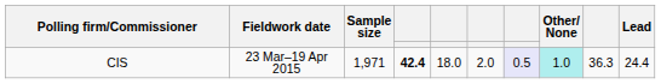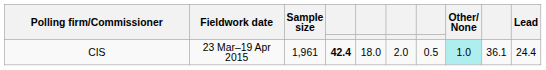 <table class="wikitable collapsible collapsed" style="text-align:center; font-size:90%; line-height:14px;">
 <tr style="height:42px;">
 <th style="width:250px;" rowspan="2">Polling firm/Commissioner</th>
 <th style="width:125px;" rowspan="2">Fieldwork date</th>
 <th style="width:50px;" rowspan="2">Sample size</th>
 <th style="width:35px;"></th>
 <th style="width:35px;"></th>
 <th style="width:35px;"></th>
 <th style="width:35px;"></th>
 <th style="width:35px;" rowspan="2">Other/<br>None</th>
 <th style="width:35px;" rowspan="2"></th>
 <th style="width:30px;" rowspan="2">Lead</th>
 </tr>
 <tr>
 <th style="color:inherit;background:"></th>
 <th style="color:inherit;background:"></th>
 <th style="color:inherit;background:"></th>
 <th style="color:inherit;background:"></th>
 </tr>
 <tr>
 <td>CIS</td>
 <td>23 Mar–19 Apr 2015</td>
-<td>1,971</td>
+<td>1,961</td>
 <td><strong>42.4</strong></td>
 <td>18.0</td>
 <td>2.0</td>
-<td style="background: lavender;">0.5</td>
+<td>0.5</td>
 <td style="background: paleturquoise;">1.0</td>
-<td>36.3</td>
+<td>36.1</td>
 <td style="background:">24.4</td>
 </tr>
 </table>
